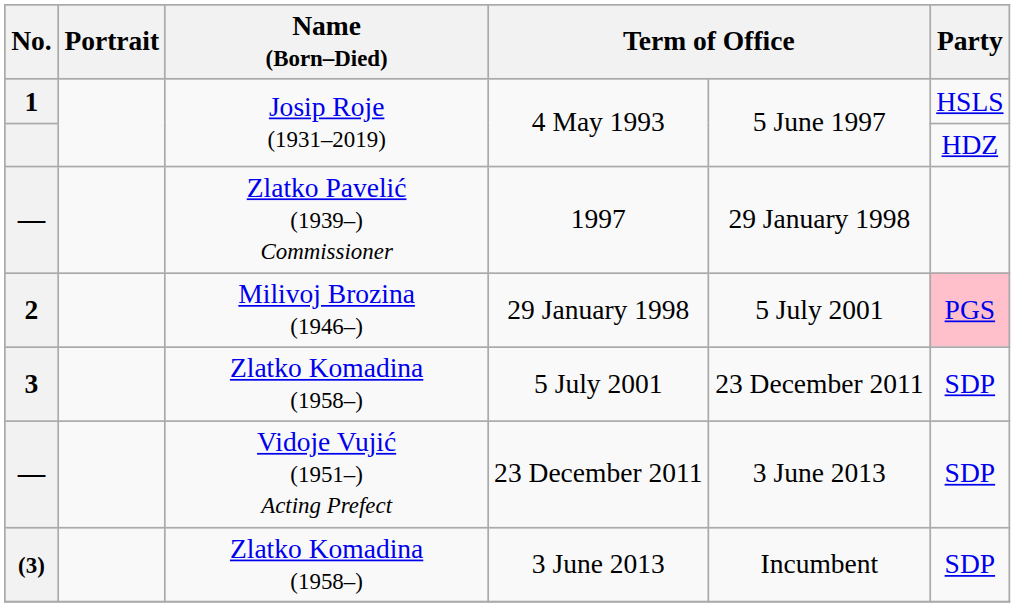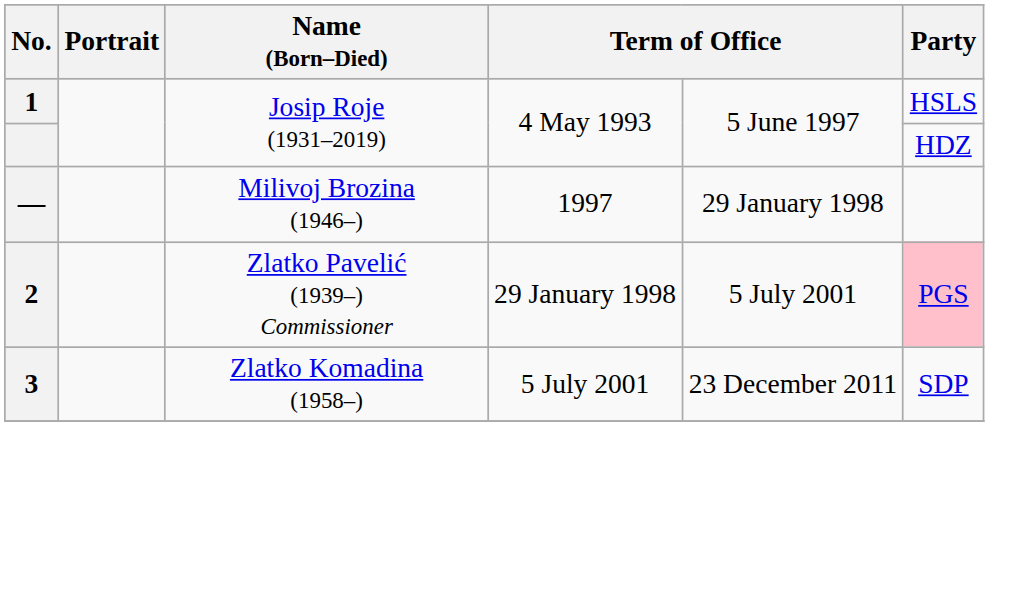 <table class="wikitable" style="text-align:center">
 <tr ->
 <th>No.</th>
 <th>Portrait</th>
 <th width=180>Name<br><small>(Born–Died)</small></th>
 <th colspan=2>Term of Office</th>
 <th>Party</th>
 </tr>
 <tr ->
 <th style="background:">1</th>
 <td rowspan="2"></td>
 <td rowspan="2"><a href='#'>Josip Roje</a><br><small>(1931–2019)</small></td>
 <td rowspan="2">4 May 1993</td>
 <td rowspan="2">5 June 1997</td>
 <td><a href='#'>HSLS</a></td>
 </tr>
 <tr ->
 <th style="background:"></th>
 <td><a href='#'>HDZ</a></td>
 </tr>
 <tr ->
 <th>—</th>
 <td></td>
-<td><a href='#'>Zlatko Pavelić</a><br><small>(1939–)</small><br><small><em>Commissioner</em></small></td>
+<td><a href='#'>Milivoj Brozina</a><br><small>(1946–)</small></td>
 <td>1997</td>
 <td>29 January 1998</td>
 <td></td>
 </tr>
 <tr ->
 <th style="background:">2</th>
 <td></td>
-<td><a href='#'>Milivoj Brozina</a><br><small>(1946–)</small></td>
+<td><a href='#'>Zlatko Pavelić</a><br><small>(1939–)</small><br><small><em>Commissioner</em></small></td>
 <td>29 January 1998</td>
 <td>5 July 2001</td>
 <td style="background: pink;"><a href='#'>PGS</a></td>
 </tr>
 <tr ->
 <th style="background:">3</th>
 <td></td>
 <td><a href='#'>Zlatko Komadina</a><br><small>(1958–)</small></td>
 <td>5 July 2001</td>
 <td>23 December 2011</td>
 <td><a href='#'>SDP</a></td>
 </tr>
 <tr ->
-<th style="background:">—</th>
-<td></td>
-<td><a href='#'>Vidoje Vujić</a><br><small>(1951–)</small><br><small><em>Acting Prefect</em></small></td>
-<td>23 December 2011</td>
-<td>3 June 2013</td>
-<td><a href='#'>SDP</a></td>
-</tr>
-<tr ->
-<th style="background:"><small>(3)</small></th>
-<td></td>
-<td><a href='#'>Zlatko Komadina</a><br><small>(1958–)</small></td>
-<td>3 June 2013</td>
-<td>Incumbent</td>
-<td><a href='#'>SDP</a></td>
-</tr>
-<tr ->
 </tr>
 </table>
